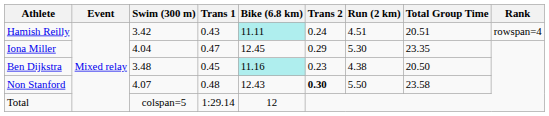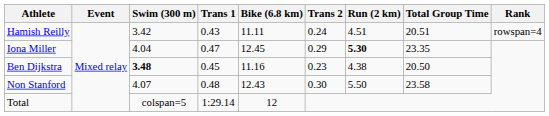 <table class="wikitable" style="font-size:90%">
 <tr>
 <th>Athlete</th>
 <th>Event</th>
 <th>Swim (300 m)</th>
 <th>Trans 1</th>
 <th>Bike (6.8 km)</th>
 <th>Trans 2</th>
 <th>Run (2 km)</th>
 <th>Total Group Time</th>
 <th>Rank</th>
 </tr>
 <tr>
 <td align=left><a href='#'>Hamish Reilly</a></td>
 <td align=left rowspan=5><a href='#'>Mixed relay</a></td>
 <td>3.42</td>
 <td>0.43</td>
-<td style="background: paleturquoise;">11.11</td>
+<td>11.11</td>
 <td>0.24</td>
 <td>4.51</td>
 <td>20.51</td>
 <td>rowspan=4 </td>
 </tr>
 <tr>
 <td align=left><a href='#'>Iona Miller</a></td>
 <td>4.04</td>
 <td>0.47</td>
 <td>12.45</td>
 <td>0.29</td>
-<td>5.30</td>
+<td><strong>5.30</strong></td>
 <td>23.35</td>
 </tr>
 <tr>
 <td align=left><a href='#'>Ben Dijkstra</a></td>
-<td>3.48</td>
+<td><strong>3.48</strong></td>
 <td>0.45</td>
-<td style="background: paleturquoise;">11.16</td>
+<td>11.16</td>
 <td>0.23</td>
 <td>4.38</td>
 <td>20.50</td>
 </tr>
 <tr>
 <td align=left><a href='#'>Non Stanford</a></td>
 <td>4.07</td>
 <td>0.48</td>
 <td>12.43</td>
-<td><strong>0.30</strong></td>
+<td>0.30</td>
 <td>5.50</td>
 <td>23.58</td>
 </tr>
 <tr align=center>
 <td align=left>Total</td>
 <td>colspan=5 </td>
 <td>1:29.14</td>
 <td>12</td>
 </tr>
 </table>
